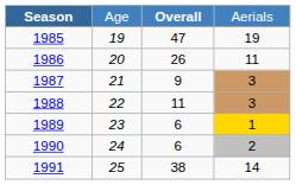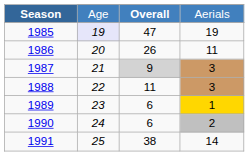 <table class="wikitable" style="font-size:95%; text-align:center; border:grey solid 1px; border-collapse:collapse;" width="25%">
 <tr style="background-color:#369; color:white;">
 <td rowspan="2" colspan="1" width="8%"><strong>Season</strong></td>
 </tr>
 <tr style="background-color:#4180be; color:white;">
 <td width="5%">Age</td>
 <td width="5%"><strong>Overall</strong></td>
 <td width="5%"> Aerials </td>
 </tr>
 <tr style="background-color:#8CB2D8; color:white;">
 </tr>
 <tr>
 <td><a href='#'>1985</a></td>
-<td><em>19</em></td>
+<td style="background: lavender;"><em>19</em></td>
 <td>47</td>
 <td>19</td>
 </tr>
 <tr>
 <td><a href='#'>1986</a></td>
 <td><em>20</em></td>
 <td>26</td>
 <td>11</td>
 </tr>
 <tr>
 <td><a href='#'>1987</a></td>
 <td><em>21</em></td>
-<td>9</td>
+<td style="background: lightgrey;">9</td>
 <td style="background:#c96;">3</td>
 </tr>
 <tr>
 <td><a href='#'>1988</a></td>
 <td><em>22</em></td>
 <td>11</td>
 <td style="background:#c96;">3</td>
 </tr>
 <tr>
 <td><a href='#'>1989</a></td>
 <td><em>23</em></td>
 <td>6</td>
 <td style="background:gold;">1</td>
 </tr>
 <tr>
 <td><a href='#'>1990</a></td>
 <td><em>24</em></td>
 <td>6</td>
 <td style="background:silver;">2</td>
 </tr>
 <tr>
 <td><a href='#'>1991</a></td>
 <td><em>25</em></td>
 <td>38</td>
 <td>14</td>
 </tr>
 </table>
